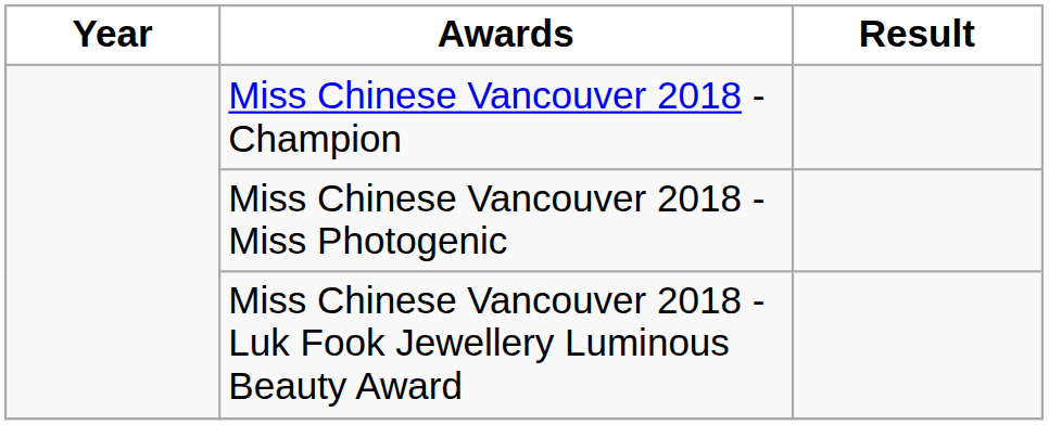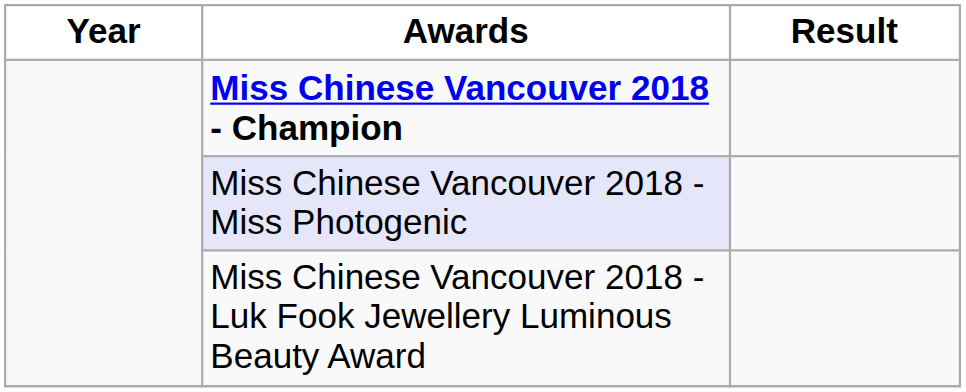 <table class="wikitable" width="70%">
 <tr style="background:#FFF; color:#000" align=center>
 <td style="width:8%"><strong>Year</strong></td>
 <td style="width:23%"><strong>Awards</strong></td>
 <td style="width:8%"><strong>Result</strong></td>
 </tr>
 <tr>
 <td rowspan="3"></td>
-<td><a href='#'>Miss Chinese Vancouver 2018</a> - Champion</td>
+<td><strong><a href='#'>Miss Chinese Vancouver 2018</a> - Champion</strong></td>
 <td></td>
 </tr>
 <tr>
-<td>Miss Chinese Vancouver 2018 - Miss Photogenic</td>
+<td style="background: lavender;">Miss Chinese Vancouver 2018 - Miss Photogenic</td>
 <td></td>
 </tr>
 <tr>
 <td>Miss Chinese Vancouver 2018 - Luk Fook Jewellery Luminous Beauty Award</td>
 <td></td>
 </tr>
 <tr>
 </tr>
 </table>
